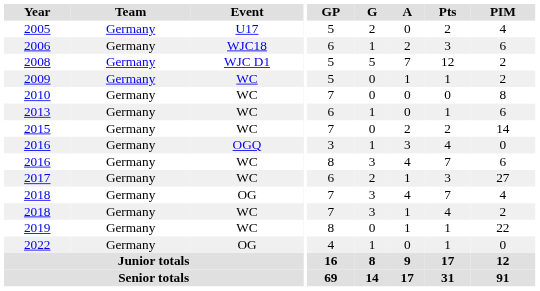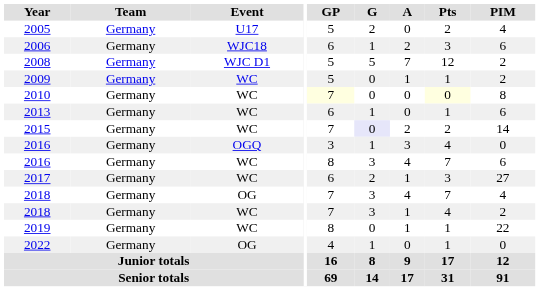 <table border="0" cellpadding="1" cellspacing="0" ID="Table3" style="text-align:center; width:40em">
 <tr ALIGN="center" bgcolor="#e0e0e0">
 <th>Year</th>
 <th>Team</th>
 <th>Event</th>
 <th rowspan="99" bgcolor="#ffffff"></th>
 <th>GP</th>
 <th>G</th>
 <th>A</th>
 <th>Pts</th>
 <th>PIM</th>
 </tr>
 <tr>
 <td><a href='#'>2005</a></td>
 <td><a href='#'>Germany</a></td>
 <td><a href='#'>U17</a></td>
 <td>5</td>
 <td>2</td>
 <td>0</td>
 <td>2</td>
 <td>4</td>
 </tr>
 <tr bgcolor="#f0f0f0">
 <td><a href='#'>2006</a></td>
 <td>Germany</td>
 <td><a href='#'>WJC18</a></td>
 <td>6</td>
 <td>1</td>
 <td>2</td>
 <td>3</td>
 <td>6</td>
 </tr>
 <tr>
 <td><a href='#'>2008</a></td>
 <td><a href='#'>Germany</a></td>
 <td><a href='#'>WJC D1</a></td>
 <td>5</td>
 <td>5</td>
 <td>7</td>
 <td>12</td>
 <td>2</td>
 </tr>
 <tr bgcolor="#f0f0f0">
 <td><a href='#'>2009</a></td>
 <td><a href='#'>Germany</a></td>
 <td><a href='#'>WC</a></td>
 <td>5</td>
 <td>0</td>
 <td>1</td>
 <td>1</td>
 <td>2</td>
 </tr>
 <tr>
 <td><a href='#'>2010</a></td>
 <td>Germany</td>
 <td>WC</td>
-<td>7</td>
+<td style="background: lightyellow;">7</td>
 <td>0</td>
 <td>0</td>
-<td>0</td>
+<td style="background: lightyellow;">0</td>
 <td>8</td>
 </tr>
 <tr bgcolor="#f0f0f0">
 <td><a href='#'>2013</a></td>
 <td>Germany</td>
 <td>WC</td>
 <td>6</td>
 <td>1</td>
 <td>0</td>
 <td>1</td>
 <td>6</td>
 </tr>
 <tr>
 <td><a href='#'>2015</a></td>
 <td>Germany</td>
 <td>WC</td>
 <td>7</td>
-<td>0</td>
+<td style="background: lavender;">0</td>
 <td>2</td>
 <td>2</td>
 <td>14</td>
 </tr>
 <tr bgcolor="#f0f0f0">
 <td><a href='#'>2016</a></td>
 <td>Germany</td>
 <td><a href='#'>OGQ</a></td>
 <td>3</td>
 <td>1</td>
 <td>3</td>
 <td>4</td>
 <td>0</td>
 </tr>
 <tr>
 <td><a href='#'>2016</a></td>
 <td>Germany</td>
 <td>WC</td>
 <td>8</td>
 <td>3</td>
 <td>4</td>
 <td>7</td>
 <td>6</td>
 </tr>
 <tr bgcolor="#f0f0f0">
 <td><a href='#'>2017</a></td>
 <td>Germany</td>
 <td>WC</td>
 <td>6</td>
 <td>2</td>
 <td>1</td>
 <td>3</td>
 <td>27</td>
 </tr>
 <tr>
 <td><a href='#'>2018</a></td>
 <td>Germany</td>
 <td>OG</td>
 <td>7</td>
 <td>3</td>
 <td>4</td>
 <td>7</td>
 <td>4</td>
 </tr>
 <tr bgcolor="#f0f0f0">
 <td><a href='#'>2018</a></td>
 <td>Germany</td>
 <td>WC</td>
 <td>7</td>
 <td>3</td>
 <td>1</td>
 <td>4</td>
 <td>2</td>
 </tr>
 <tr>
 <td><a href='#'>2019</a></td>
 <td>Germany</td>
 <td>WC</td>
 <td>8</td>
 <td>0</td>
 <td>1</td>
 <td>1</td>
 <td>22</td>
 </tr>
 <tr bgcolor="#f0f0f0">
 <td><a href='#'>2022</a></td>
 <td>Germany</td>
 <td>OG</td>
 <td>4</td>
 <td>1</td>
 <td>0</td>
 <td>1</td>
 <td>0</td>
 </tr>
 <tr bgcolor="#e0e0e0">
 <th colspan="3">Junior totals</th>
 <th>16</th>
 <th>8</th>
 <th>9</th>
 <th>17</th>
 <th>12</th>
 </tr>
 <tr bgcolor="#e0e0e0">
 <th colspan="3">Senior totals</th>
 <th>69</th>
 <th>14</th>
 <th>17</th>
 <th>31</th>
 <th>91</th>
 </tr>
 </table>
